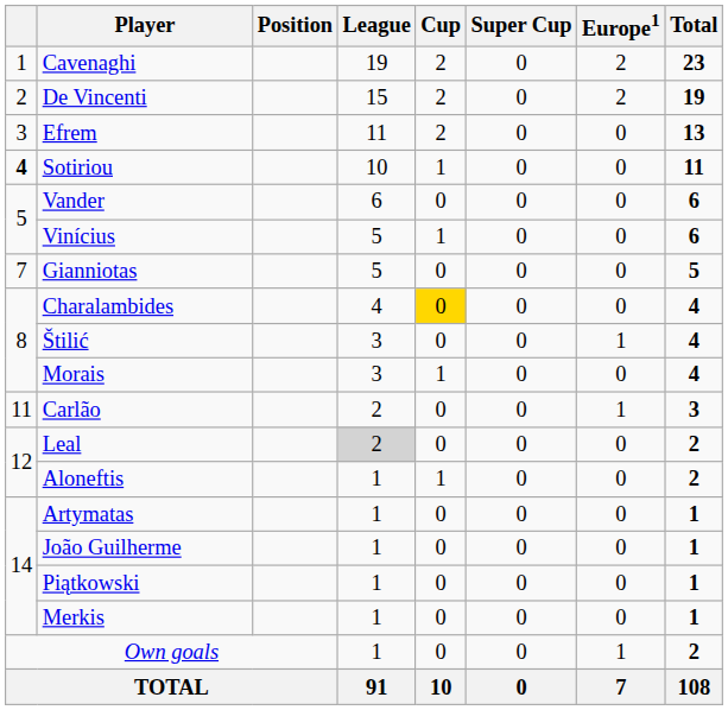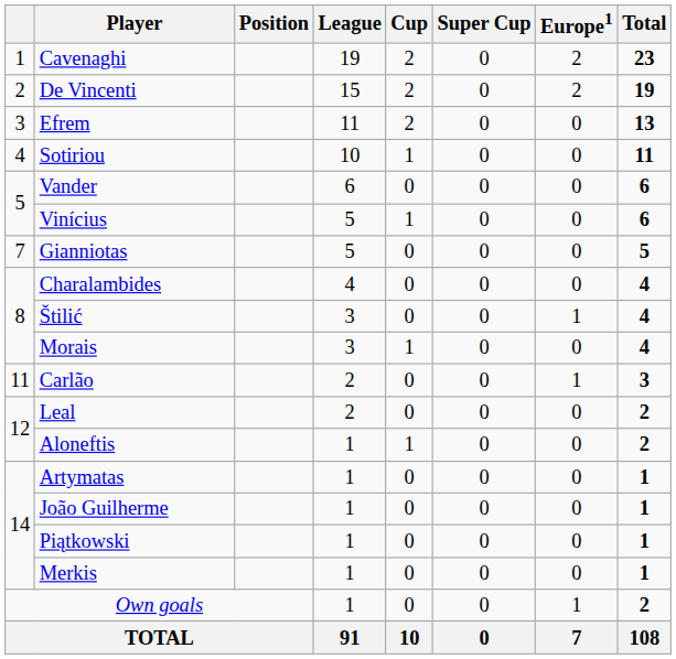 <table class="wikitable">
 <tr>
 <th></th>
 <th width="150">Player</th>
 <th>Position</th>
 <th>League</th>
 <th>Cup</th>
 <th>Super Cup</th>
 <th>Europe<sup>1</sup></th>
 <th>Total</th>
 </tr>
 <tr>
 <td align=center>1</td>
 <td> <a href='#'>Cavenaghi</a></td>
 <td align=center></td>
 <td align=center>19</td>
 <td align=center>2</td>
 <td align=center>0</td>
 <td align=center>2</td>
 <td align=center><strong>23</strong></td>
 </tr>
 <tr>
 <td align=center>2</td>
 <td> <a href='#'>De Vincenti</a></td>
 <td align=center></td>
 <td align=center>15</td>
 <td align=center>2</td>
 <td align=center>0</td>
 <td align=center>2</td>
 <td align=center><strong>19</strong></td>
 </tr>
 <tr>
 <td align=center>3</td>
 <td> <a href='#'>Efrem</a></td>
 <td align=center></td>
 <td align=center>11</td>
 <td align=center>2</td>
 <td align=center>0</td>
 <td align=center>0</td>
 <td align=center><strong>13</strong></td>
 </tr>
 <tr>
-<td align=center><strong>4</strong></td>
+<td align=center>4</td>
 <td> <a href='#'>Sotiriou</a></td>
 <td align=center></td>
 <td align=center>10</td>
 <td align=center>1</td>
 <td align=center>0</td>
 <td align=center>0</td>
 <td align=center><strong>11</strong></td>
 </tr>
 <tr>
 <td rowspan="2" align=center>5</td>
 <td> <a href='#'>Vander</a></td>
 <td align=center></td>
 <td align=center>6</td>
 <td align=center>0</td>
 <td align=center>0</td>
 <td align=center>0</td>
 <td align=center><strong>6</strong></td>
 </tr>
 <tr>
 <td> <a href='#'>Vinícius</a></td>
 <td align=center></td>
 <td align=center>5</td>
 <td align=center>1</td>
 <td align=center>0</td>
 <td align=center>0</td>
 <td align=center><strong>6</strong></td>
 </tr>
 <tr>
 <td align=center>7</td>
 <td> <a href='#'>Gianniotas</a></td>
 <td align=center></td>
 <td align=center>5</td>
 <td align=center>0</td>
 <td align=center>0</td>
 <td align=center>0</td>
 <td align=center><strong>5</strong></td>
 </tr>
 <tr>
 <td rowspan="3" align=center>8</td>
 <td> <a href='#'>Charalambides</a></td>
 <td align=center></td>
 <td align=center>4</td>
-<td align=center style="background: gold;">0</td>
+<td align=center>0</td>
 <td align=center>0</td>
 <td align=center>0</td>
 <td align=center><strong>4</strong></td>
 </tr>
 <tr>
 <td> <a href='#'>Štilić</a></td>
 <td align=center></td>
 <td align=center>3</td>
 <td align=center>0</td>
 <td align=center>0</td>
 <td align=center>1</td>
 <td align=center><strong>4</strong></td>
 </tr>
 <tr>
 <td> <a href='#'>Morais</a></td>
 <td align=center></td>
 <td align=center>3</td>
 <td align=center>1</td>
 <td align=center>0</td>
 <td align=center>0</td>
 <td align=center><strong>4</strong></td>
 </tr>
 <tr>
 <td align=center>11</td>
 <td> <a href='#'>Carlão</a></td>
 <td align=center></td>
 <td align=center>2</td>
 <td align=center>0</td>
 <td align=center>0</td>
 <td align=center>1</td>
 <td align=center><strong>3</strong></td>
 </tr>
 <tr>
 <td rowspan="2" align=center>12</td>
 <td> <a href='#'>Leal</a></td>
 <td align=center></td>
-<td align=center style="background: lightgrey;">2</td>
+<td align=center>2</td>
 <td align=center>0</td>
 <td align=center>0</td>
 <td align=center>0</td>
 <td align=center><strong>2</strong></td>
 </tr>
 <tr>
 <td> <a href='#'>Aloneftis</a></td>
 <td align=center></td>
 <td align=center>1</td>
 <td align=center>1</td>
 <td align=center>0</td>
 <td align=center>0</td>
 <td align=center><strong>2</strong></td>
 </tr>
 <tr>
 <td rowspan="4" align=center>14</td>
 <td> <a href='#'>Artymatas</a></td>
 <td align=center></td>
 <td align=center>1</td>
 <td align=center>0</td>
 <td align=center>0</td>
 <td align=center>0</td>
 <td align=center><strong>1</strong></td>
 </tr>
 <tr>
 <td> <a href='#'>João Guilherme</a></td>
 <td align=center></td>
 <td align=center>1</td>
 <td align=center>0</td>
 <td align=center>0</td>
 <td align=center>0</td>
 <td align=center><strong>1</strong></td>
 </tr>
 <tr>
 <td> <a href='#'>Piątkowski</a></td>
 <td align=center></td>
 <td align=center>1</td>
 <td align=center>0</td>
 <td align=center>0</td>
 <td align=center>0</td>
 <td align=center><strong>1</strong></td>
 </tr>
 <tr>
 <td> <a href='#'>Merkis</a></td>
 <td align=center></td>
 <td align=center>1</td>
 <td align=center>0</td>
 <td align=center>0</td>
 <td align=center>0</td>
 <td align=center><strong>1</strong></td>
 </tr>
 <tr>
 <td colspan="3" align=center><em><a href='#'>Own goals</a></em></td>
 <td align=center>1</td>
 <td align=center>0</td>
 <td align=center>0</td>
 <td align=center>1</td>
 <td align=center><strong>2</strong></td>
 </tr>
 <tr>
 <th colspan="3" align=center>TOTAL</th>
 <th align=center>91</th>
 <th align=center>10</th>
 <th align=center>0</th>
 <th align=center>7</th>
 <th align=center>108</th>
 </tr>
 </table>
